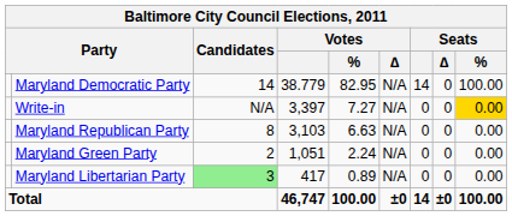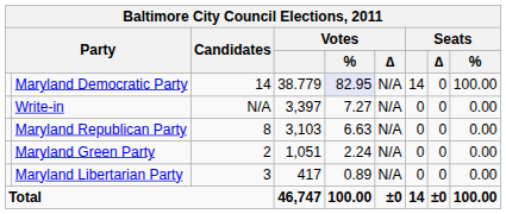 <table class="wikitable">
 <tr>
 <th colspan=10>Baltimore City Council Elections, 2011</th>
 </tr>
 <tr>
 <th rowspan="2" colspan="2">Party</th>
 <th rowspan="2">Candidates</th>
 <th colspan="3">Votes</th>
 <th colspan="3">Seats</th>
 </tr>
 <tr>
 <th></th>
 <th>%</th>
 <th>∆</th>
 <th></th>
 <th>∆</th>
 <th>%</th>
 </tr>
 <tr>
 <td style="background-color:"></td>
 <td><a href='#'>Maryland Democratic Party</a></td>
 <td align="right">14</td>
 <td align="right">38.779</td>
-<td align="right">82.95</td>
+<td align="right" style="background: lavender;">82.95</td>
 <td align="right">N/A</td>
 <td align="right">14</td>
 <td align="right">0</td>
 <td align="right">100.00</td>
 </tr>
 <tr>
 <td style="background-color:"></td>
 <td><a href='#'>Write-in</a></td>
 <td align="right">N/A</td>
 <td align="right">3,397</td>
 <td align="right">7.27</td>
 <td align="right">N/A</td>
 <td align="right">0</td>
 <td align="right">0</td>
-<td align="right" style="background: gold;">0.00</td>
+<td align="right">0.00</td>
 </tr>
 <tr>
 <td style="background-color:"></td>
 <td><a href='#'>Maryland Republican Party</a></td>
 <td align="right">8</td>
 <td align="right">3,103</td>
 <td align="right">6.63</td>
 <td align="right">N/A</td>
 <td align="right">0</td>
 <td align="right">0</td>
 <td align="right">0.00</td>
 </tr>
 <tr>
 <td style="background-color:"></td>
 <td><a href='#'>Maryland Green Party</a></td>
 <td align="right">2</td>
 <td align="right">1,051</td>
 <td align="right">2.24</td>
 <td align="right">N/A</td>
 <td align="right">0</td>
 <td align="right">0</td>
 <td align="right">0.00</td>
 </tr>
 <tr>
 <td style="background-color:"></td>
 <td><a href='#'>Maryland Libertarian Party</a></td>
-<td align="right" style="background: lightgreen;">3</td>
+<td align="right">3</td>
 <td align="right">417</td>
 <td align="right">0.89</td>
 <td align="right">N/A</td>
 <td align="right">0</td>
 <td align="right">0</td>
 <td align="right">0.00</td>
 </tr>
 <tr>
 <td colspan="3" align="left"><strong>Total</strong></td>
 <td align="right"><strong>46,747</strong></td>
 <td align="right"><strong>100.00</strong></td>
 <td align="right"><strong>±0</strong></td>
 <td align="right"><strong>14</strong></td>
 <td align="right"><strong>±0</strong></td>
 <td align="right"><strong>100.00</strong></td>
 </tr>
 </table>
